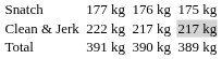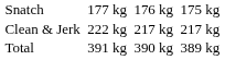 <table>
 <tr>
 <td>Snatch</td>
 <td></td>
 <td>177 kg</td>
 <td></td>
 <td>176 kg</td>
 <td></td>
 <td>175 kg</td>
 </tr>
 <tr>
 <td>Clean & Jerk</td>
 <td></td>
 <td>222 kg</td>
 <td></td>
 <td>217 kg</td>
 <td></td>
-<td style="background: lightgrey;">217 kg</td>
+<td>217 kg</td>
 </tr>
 <tr>
 <td>Total</td>
 <td></td>
 <td>391 kg</td>
 <td></td>
 <td>390 kg</td>
 <td></td>
 <td>389 kg</td>
 </tr>
 </table>
